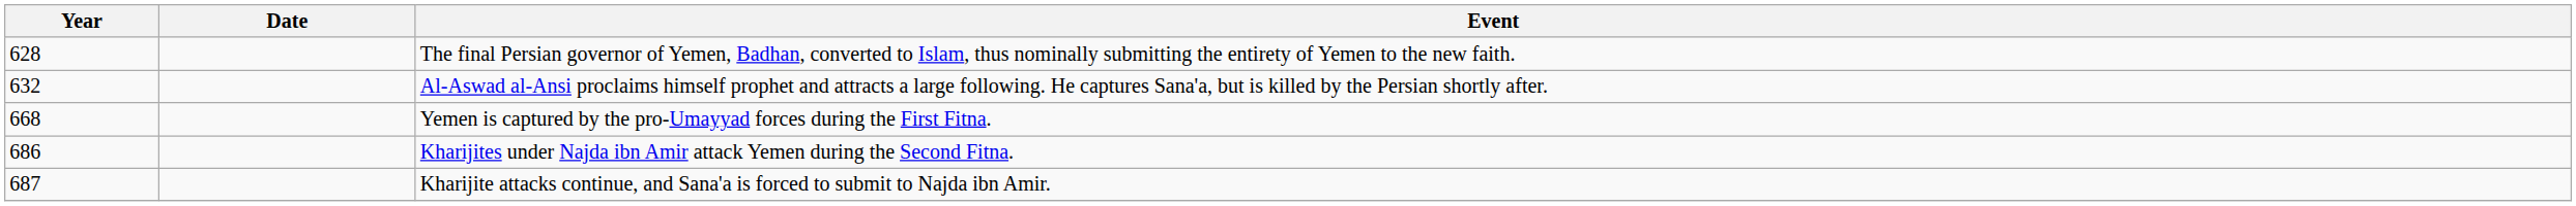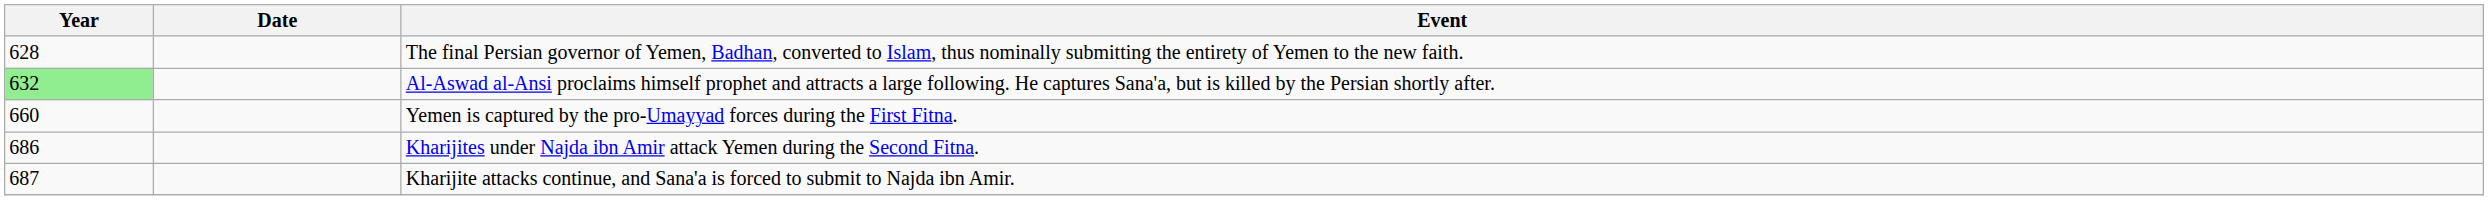 <table class="wikitable" width="100%">
 <tr>
 <th style="width:6%">Year</th>
 <th style="width:10%">Date</th>
 <th>Event</th>
 </tr>
 <tr>
 <td>628</td>
 <td></td>
 <td>The final Persian governor of Yemen, <a href='#'>Badhan</a>, converted to <a href='#'>Islam</a>, thus nominally submitting the entirety of Yemen to the new faith.</td>
 </tr>
 <tr>
-<td>632</td>
+<td style="background: lightgreen;">632</td>
 <td></td>
 <td><a href='#'>Al-Aswad al-Ansi</a> proclaims himself prophet and attracts a large following. He captures Sana'a, but is killed by the Persian  shortly after.</td>
 </tr>
 <tr>
-<td>668</td>
+<td>660</td>
 <td></td>
 <td>Yemen is captured by the pro-<a href='#'>Umayyad</a> forces during the <a href='#'>First Fitna</a>.</td>
 </tr>
 <tr>
 <td>686</td>
 <td></td>
 <td><a href='#'>Kharijites</a> under <a href='#'>Najda ibn Amir</a> attack Yemen during the <a href='#'>Second Fitna</a>.</td>
 </tr>
 <tr>
 <td>687</td>
 <td></td>
 <td>Kharijite attacks continue, and Sana'a is forced to submit to Najda ibn Amir.</td>
 </tr>
 <tr>
 </tr>
 </table>
